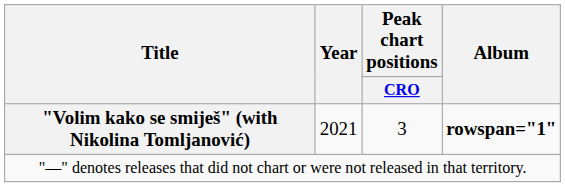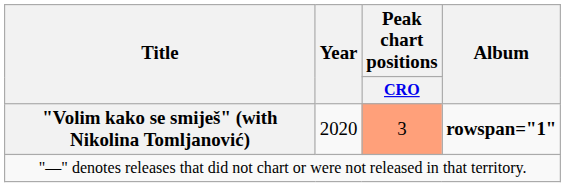 <table class="wikitable plainrowheaders" style="text-align:center;">
 <tr>
 <th scope="col" rowspan="2" style="width:16em;">Title</th>
 <th scope="col" rowspan="2" style="width:1em;">Year</th>
 <th scope="col" colspan="1">Peak chart positions</th>
 <th scope="col" rowspan="2">Album</th>
 </tr>
 <tr>
 <th scope="col" style="width:3em;font-size:85%;"><a href='#'>CRO</a><br></th>
 </tr>
 <tr>
 <th scope="row">"Volim kako se smiješ" <span>(with Nikolina Tomljanović)</span></th>
-<td rowspan="1">2021</td>
-<td>3</td>
+<td rowspan="1">2020</td>
+<td style="background: lightsalmon;">3</td>
 <td><strong>rowspan="1" </strong></td>
 </tr>
 <tr>
 <td colspan="22" style="text-align:center; font-size:85%;">"—" denotes releases that did not chart or were not released in that territory.</td>
 </tr>
 </table>
